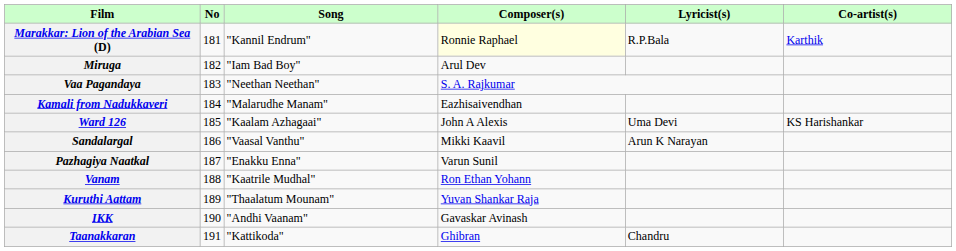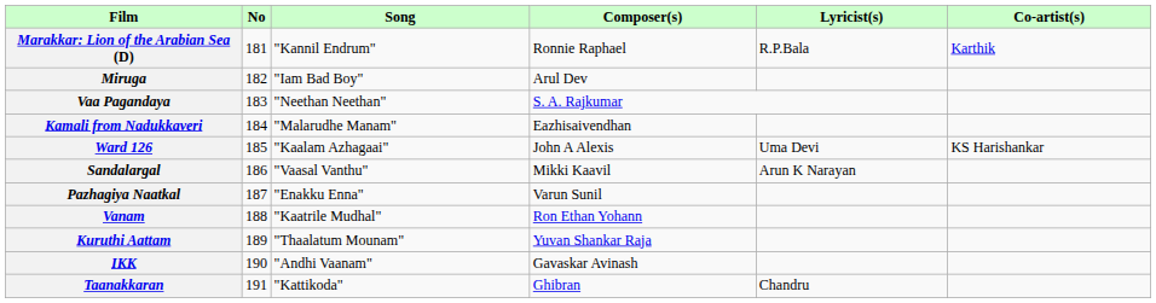 <table class="wikitable plainrowheaders" width="100%" textcolor:#000;">
 <tr style="background:#cfc; text-align:center;">
 <td scope="col" width=21%><strong>Film</strong></td>
 <td><strong>No</strong></td>
 <td scope="col" width=23%><strong>Song</strong></td>
 <td scope="col" width=20%><strong>Composer(s)</strong></td>
 <td scope="col" width=17%><strong>Lyricist(s)</strong></td>
 <td scope="col" width=18%><strong>Co-artist(s)</strong></td>
 </tr>
 <tr>
 <th><em><a href='#'>Marakkar: Lion of the Arabian Sea</a></em> (D)</th>
 <td>181</td>
 <td>"Kannil Endrum"</td>
-<td style="background: lightyellow;">Ronnie Raphael</td>
+<td>Ronnie Raphael</td>
 <td>R.P.Bala</td>
 <td><a href='#'>Karthik</a></td>
 </tr>
 <tr>
 <th><em>Miruga</em></th>
 <td>182</td>
 <td>"Iam Bad Boy"</td>
 <td>Arul Dev</td>
 <td></td>
 <td></td>
 </tr>
 <tr>
 <th><em>Vaa Pagandaya</em></th>
 <td>183</td>
 <td>"Neethan Neethan"</td>
 <td colspan="2"><a href='#'>S. A. Rajkumar</a></td>
 <td></td>
 </tr>
 <tr>
 <th><em><a href='#'>Kamali from Nadukkaveri</a></em></th>
 <td>184</td>
 <td>"Malarudhe Manam"</td>
 <td>Eazhisaivendhan</td>
 <td></td>
 <td></td>
 </tr>
 <tr>
 <th><em><a href='#'>Ward 126</a></em></th>
 <td>185</td>
 <td>"Kaalam Azhagaai"</td>
 <td>John A Alexis</td>
 <td>Uma Devi</td>
 <td>KS Harishankar</td>
 </tr>
 <tr>
 <th><em>Sandalargal</em></th>
 <td>186</td>
 <td>"Vaasal Vanthu"</td>
 <td>Mikki Kaavil</td>
 <td>Arun K Narayan</td>
 <td></td>
 </tr>
 <tr>
 <th><em>Pazhagiya Naatkal</em></th>
 <td>187</td>
 <td>"Enakku Enna"</td>
 <td>Varun Sunil</td>
 <td></td>
 <td></td>
 </tr>
 <tr>
 <th><em><a href='#'>Vanam</a></em></th>
 <td>188</td>
 <td>"Kaatrile Mudhal"</td>
 <td><a href='#'>Ron Ethan Yohann</a></td>
 <td></td>
 <td></td>
 </tr>
 <tr>
 <th><em><a href='#'>Kuruthi Aattam</a></em></th>
 <td>189</td>
 <td>"Thaalatum Mounam"</td>
 <td><a href='#'>Yuvan Shankar Raja</a></td>
 <td></td>
 <td></td>
 </tr>
 <tr>
 <th><em><a href='#'>IKK</a></em></th>
 <td>190</td>
 <td>"Andhi Vaanam"</td>
 <td>Gavaskar Avinash</td>
 <td></td>
 <td></td>
 </tr>
 <tr>
 <th><em><a href='#'>Taanakkaran</a></em></th>
 <td>191</td>
 <td>"Kattikoda"</td>
 <td><a href='#'>Ghibran</a></td>
 <td>Chandru</td>
 <td></td>
 </tr>
 </table>
